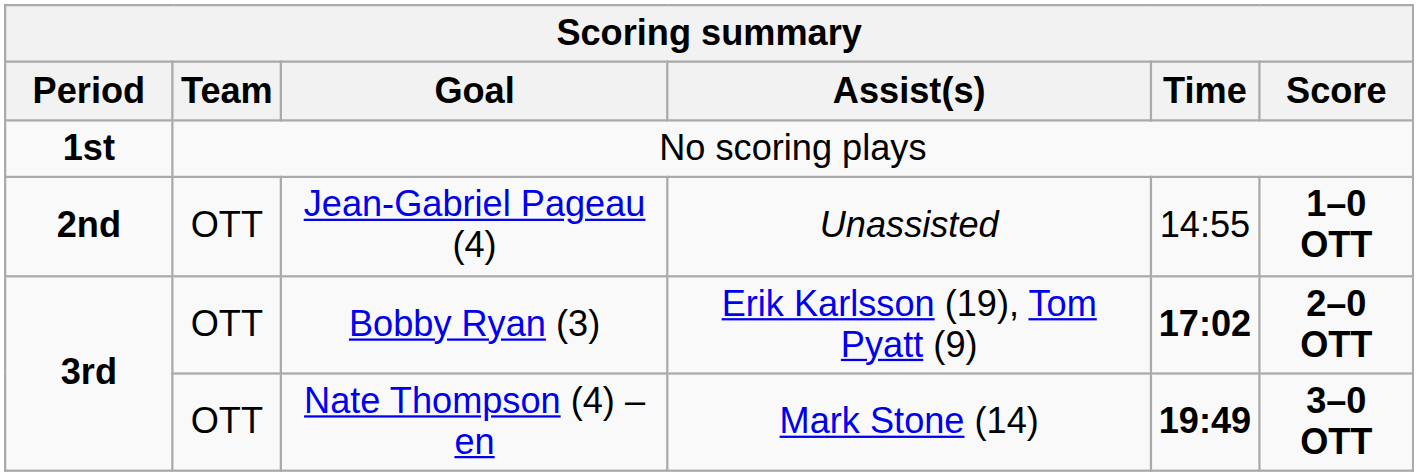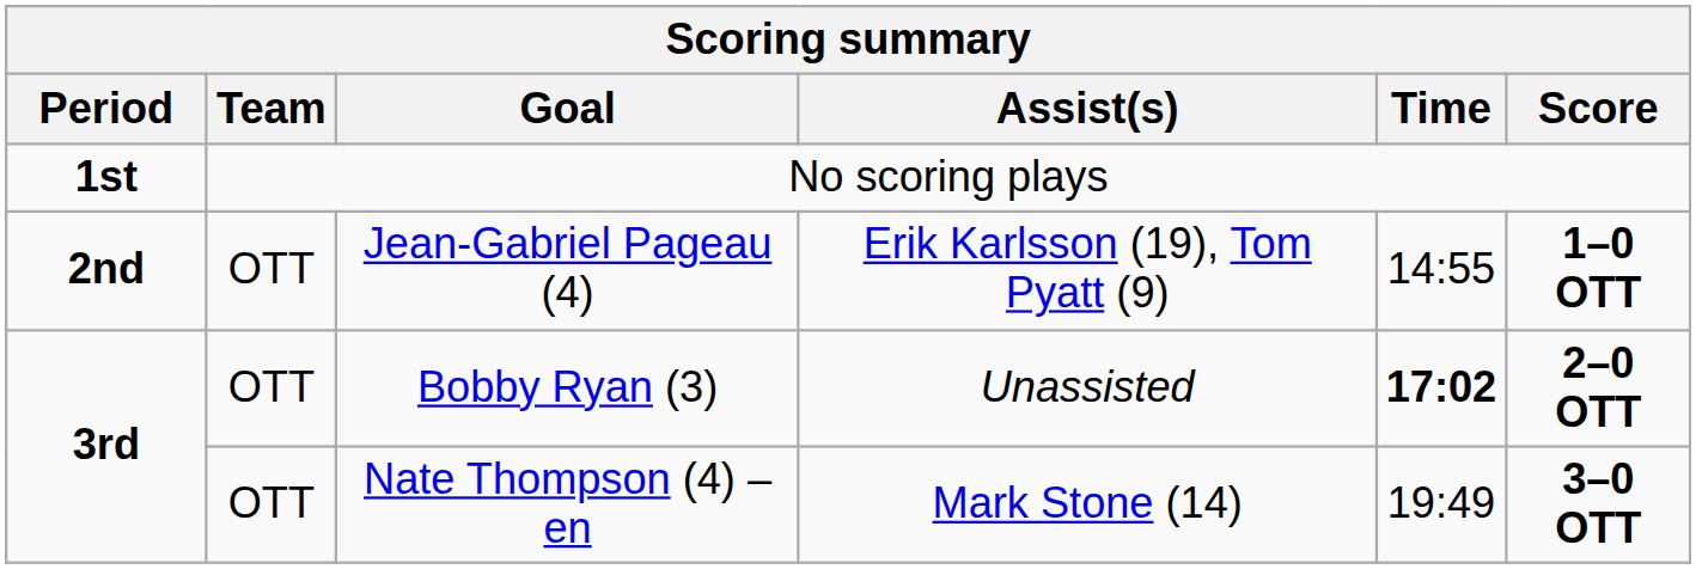 <table style="width:100%;" class="wikitable">
 <tr>
 <th colspan=6>Scoring summary</th>
 </tr>
 <tr>
 <th style="width:12%;">Period</th>
 <th style="width:7%;">Team</th>
 <th style="width:28%;">Goal</th>
 <th style="width:35%;">Assist(s)</th>
 <th style="width:7%;">Time</th>
 <th style="width:11%;">Score</th>
 </tr>
 <tr>
 <td align=center><strong>1st</strong></td>
 <td colspan="5" align=center>No scoring plays</td>
 </tr>
 <tr>
 <td align=center><strong>2nd</strong></td>
 <td align=center>OTT</td>
 <td align=center><a href='#'>Jean-Gabriel Pageau</a> (4)</td>
-<td align=center><em>Unassisted</em></td>
+<td align=center><a href='#'>Erik Karlsson</a> (19), <a href='#'>Tom Pyatt</a> (9)</td>
 <td align=center>14:55</td>
 <td align=center><strong>1–0 OTT</strong></td>
 </tr>
 <tr>
 <td align=center rowspan="2"><strong>3rd</strong></td>
 <td align=center>OTT</td>
 <td align=center><a href='#'>Bobby Ryan</a> (3)</td>
-<td align=center><a href='#'>Erik Karlsson</a> (19), <a href='#'>Tom Pyatt</a> (9)</td>
+<td align=center><em>Unassisted</em></td>
 <td align=center><strong>17:02</strong></td>
 <td align=center><strong>2–0 OTT</strong></td>
 </tr>
 <tr>
 <td align=center>OTT</td>
 <td align=center><a href='#'>Nate Thompson</a> (4) – <a href='#'>en</a></td>
 <td align=center><a href='#'>Mark Stone</a> (14)</td>
-<td align=center><strong>19:49</strong></td>
+<td align=center>19:49</td>
 <td align=center><strong>3–0 OTT</strong></td>
 </tr>
 </table>
